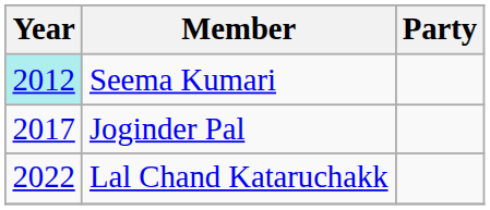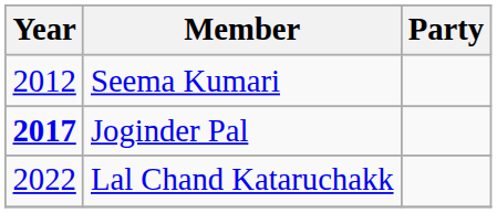 <table class="wikitable sortable">
 <tr>
 <th>Year</th>
 <th>Member</th>
 <th colspan="2">Party</th>
 </tr>
 <tr>
-<td style="background: paleturquoise;"><a href='#'>2012</a></td>
+<td><a href='#'>2012</a></td>
 <td><a href='#'>Seema Kumari</a></td>
 <td></td>
 </tr>
 <tr>
-<td><a href='#'>2017</a></td>
+<td><strong><a href='#'>2017</a></strong></td>
 <td><a href='#'>Joginder Pal</a></td>
 <td></td>
 </tr>
 <tr>
 <td><a href='#'>2022</a></td>
 <td><a href='#'>Lal Chand Kataruchakk</a></td>
 <td></td>
 </tr>
 <tr>
 </tr>
 </table>
